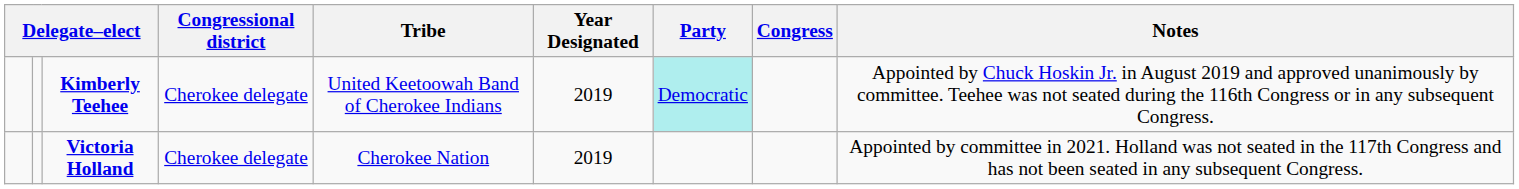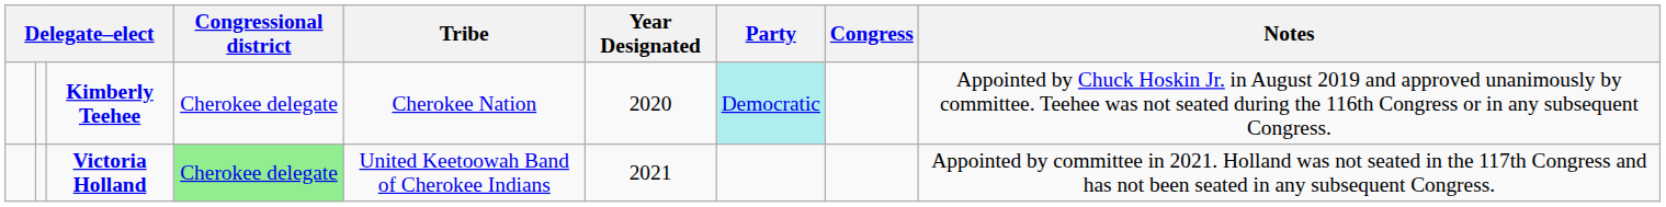 <table class="wikitable sortable plainrowheaders" style="text-align: center;">
 <tr>
 <th scope="col" colspan="3" class="unsortable"><a href='#'>Delegate–elect</a></th>
 <th scope="col"><a href='#'>Congressional district</a></th>
 <th>Tribe</th>
 <th scope="col">Year Designated</th>
 <th scope="col"><a href='#'>Party</a></th>
 <th scope="col"><a href='#'>Congress</a></th>
 <th scope="col">Notes</th>
 </tr>
 <tr>
 <td style="background: "></td>
 <td></td>
 <td scope="row"><strong><a href='#'>Kimberly Teehee</a></strong><br></td>
 <td><a href='#'>Cherokee delegate</a></td>
-<td><a href='#'>United Keetoowah Band of Cherokee Indians</a></td>
-<td>2019</td>
+<td><a href='#'>Cherokee Nation</a></td>
+<td>2020</td>
 <td style="background: paleturquoise;"><a href='#'>Democratic</a></td>
 <td><br></td>
 <td>Appointed by <a href='#'>Chuck Hoskin Jr.</a> in August 2019 and approved unanimously by committee. Teehee was not seated during the 116th Congress or in any subsequent Congress.</td>
 </tr>
 <tr>
 <td style="background: ;" width="16px"></td>
 <td></td>
 <td scope="row"><strong><a href='#'>Victoria Holland</a></strong></td>
-<td><a href='#'>Cherokee delegate</a></td>
-<td><a href='#'>Cherokee Nation</a></td>
-<td>2019</td>
+<td style="background: lightgreen;"><a href='#'>Cherokee delegate</a></td>
+<td><a href='#'>United Keetoowah Band of Cherokee Indians</a></td>
+<td>2021</td>
 <td></td>
 <td><br></td>
 <td>Appointed by committee in 2021. Holland was not seated in the 117th Congress and has not been seated in any subsequent Congress.</td>
 </tr>
 </table>
